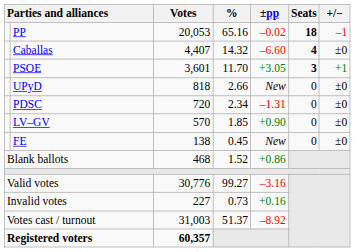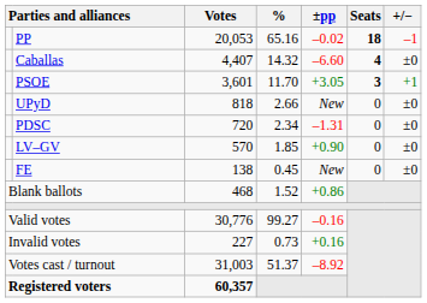 <table class="wikitable" style="text-align:right;">
 <tr>
 <th style="text-align:left;" colspan="2" width="200">Parties and alliances</th>
 <th width="75">Votes</th>
 <th width="45">%</th>
 <th width="45">±<a href='#'>pp</a></th>
 <th width="35">Seats</th>
 <th width="35">+/−</th>
 </tr>
 <tr>
 <td width="1" style="color:inherit;background:"></td>
 <td align="left"><a href='#'>PP</a></td>
 <td>20,053</td>
 <td>65.16</td>
 <td style="color:red;">–0.02</td>
 <td><strong>18</strong></td>
 <td style="color:red;">–1</td>
 </tr>
 <tr>
 <td style="color:inherit;background:"></td>
 <td align="left"><a href='#'>Caballas</a></td>
 <td>4,407</td>
 <td>14.32</td>
 <td style="color:red;">–6.60</td>
 <td><strong>4</strong></td>
 <td>±0</td>
 </tr>
 <tr>
 <td style="color:inherit;background:"></td>
 <td align="left"><a href='#'>PSOE</a></td>
 <td>3,601</td>
 <td>11.70</td>
 <td style="color:green;">+3.05</td>
 <td><strong>3</strong></td>
 <td style="color:green;">+1</td>
 </tr>
 <tr>
 <td style="color:inherit;background:"></td>
 <td align="left"><a href='#'>UPyD</a></td>
 <td>818</td>
 <td>2.66</td>
 <td><em>New</em></td>
 <td>0</td>
 <td>±0</td>
 </tr>
 <tr>
 <td style="color:inherit;background:"></td>
 <td align="left"><a href='#'>PDSC</a></td>
 <td>720</td>
 <td>2.34</td>
 <td style="color:red;">–1.31</td>
 <td>0</td>
 <td>±0</td>
 </tr>
 <tr>
 <td style="color:inherit;background:"></td>
 <td align="left"><a href='#'>LV–GV</a></td>
 <td>570</td>
 <td>1.85</td>
 <td style="color:green;">+0.90</td>
 <td>0</td>
 <td>±0</td>
 </tr>
 <tr>
 <td style="color:inherit;background:"></td>
 <td align="left"><a href='#'>FE</a></td>
 <td>138</td>
 <td>0.45</td>
 <td><em>New</em></td>
 <td>0</td>
 <td>±0</td>
 </tr>
 <tr>
 <td align="left" colspan="2">Blank ballots</td>
 <td>468</td>
 <td>1.52</td>
 <td style="color:green;">+0.86</td>
 <td bgcolor="#E9E9E9" colspan="2"></td>
 </tr>
 <tr>
 <td colspan="7" bgcolor="#E9E9E9"></td>
 </tr>
 <tr>
 <td align="left" colspan="2">Valid votes</td>
 <td>30,776</td>
 <td>99.27</td>
-<td style="color:red;">–3.16</td>
+<td style="color:red;">–0.16</td>
 <td bgcolor="#E9E9E9" colspan="2" rowspan="4"></td>
 </tr>
 <tr>
 <td align="left" colspan="2">Invalid votes</td>
 <td>227</td>
 <td>0.73</td>
 <td style="color:green;">+0.16</td>
 </tr>
 <tr>
 <td align="left" colspan="2">Votes cast / turnout</td>
 <td>31,003</td>
 <td>51.37</td>
 <td style="color:red;">–8.92</td>
 </tr>
 <tr style="font-weight:bold;">
 <td align="left" colspan="2">Registered voters</td>
 <td>60,357</td>
 <td bgcolor="#E9E9E9" colspan="2"></td>
 </tr>
 </table>
